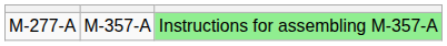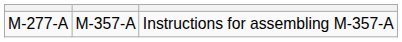 <table class="wikitable",width=100%>
 <tr>
 <th></th>
 <th></th>
 <th></th>
 </tr>
 <tr style="text-align: center;">
 <td>M-277-A</td>
 <td>M-357-A</td>
-<td style="background: lightgreen;">Instructions for assembling M-357-A</td>
+<td>Instructions for assembling M-357-A</td>
 </tr>
 </table>
